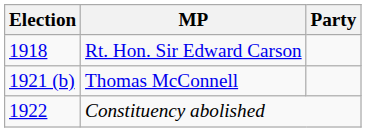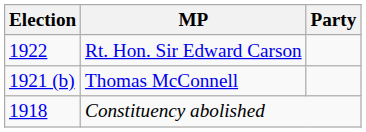 <table class="wikitable">
 <tr>
 <th>Election</th>
 <th>MP</th>
 <th colspan="2">Party</th>
 </tr>
 <tr>
-<td><a href='#'>1918</a></td>
+<td><a href='#'>1922</a></td>
 <td><a href='#'>Rt. Hon. Sir Edward Carson</a></td>
 <td></td>
 </tr>
 <tr>
 <td><a href='#'>1921 (b)</a></td>
 <td><a href='#'>Thomas McConnell</a></td>
 <td></td>
 </tr>
 <tr>
-<td><a href='#'>1922</a></td>
+<td><a href='#'>1918</a></td>
 <td colspan="3"><em>Constituency abolished</em></td>
 </tr>
 </table>
